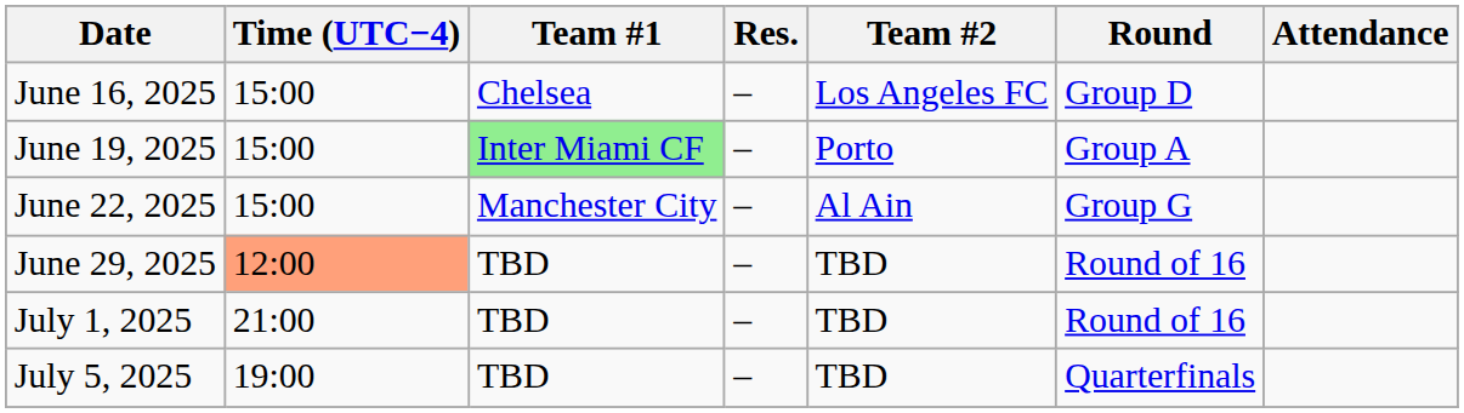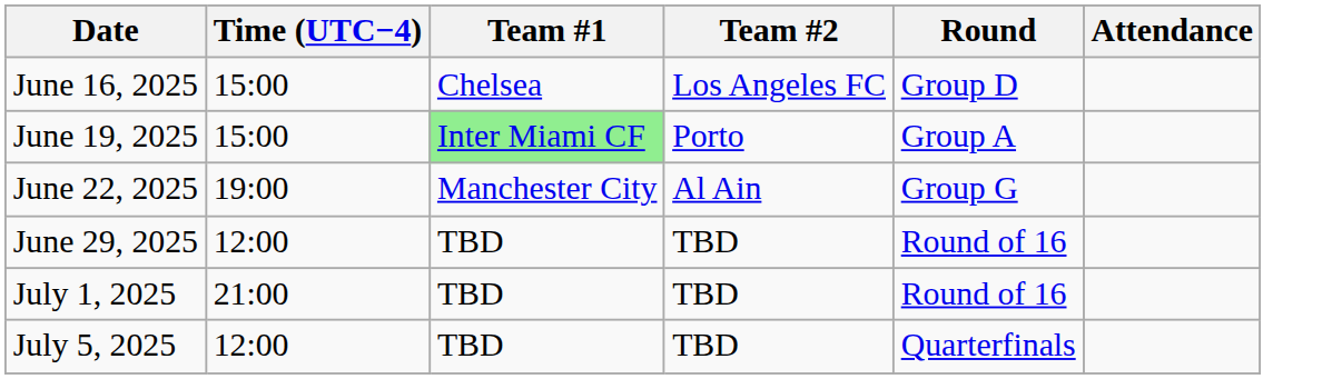 <table class="wikitable sortable">
 <tr>
 <th style="text-align:center">Date</th>
 <th style="text-align:center">Time (<a href='#'>UTC−4</a>)</th>
 <th style="text-align:center">Team #1</th>
-<th style="text-align:center">Res.</th>
 <th style="text-align:center">Team #2</th>
 <th style="text-align:center">Round</th>
 <th>Attendance</th>
 </tr>
 <tr>
 <td>June 16, 2025</td>
 <td>15:00</td>
 <td><a href='#'>Chelsea</a> </td>
-<td>–</td>
 <td> <a href='#'>Los Angeles FC</a></td>
 <td><a href='#'>Group D</a></td>
 <td></td>
 </tr>
 <tr>
 <td>June 19, 2025</td>
 <td>15:00</td>
 <td style="background: lightgreen;"><a href='#'>Inter Miami CF</a> </td>
-<td>–</td>
 <td> <a href='#'>Porto</a></td>
 <td><a href='#'>Group A</a></td>
 <td></td>
 </tr>
 <tr>
 <td>June 22, 2025</td>
-<td>15:00</td>
+<td>19:00</td>
 <td><a href='#'>Manchester City</a> </td>
-<td>–</td>
 <td> <a href='#'>Al Ain</a></td>
 <td><a href='#'>Group G</a></td>
 <td></td>
 </tr>
 <tr>
 <td>June 29, 2025</td>
-<td style="background: lightsalmon;">12:00</td>
+<td>12:00</td>
 <td>TBD</td>
-<td>–</td>
 <td>TBD</td>
 <td><a href='#'>Round of 16</a></td>
 <td></td>
 </tr>
 <tr>
 <td>July 1, 2025</td>
 <td>21:00</td>
 <td>TBD</td>
-<td>–</td>
 <td>TBD</td>
 <td><a href='#'>Round of 16</a></td>
 <td></td>
 </tr>
 <tr>
 <td>July 5, 2025</td>
-<td>19:00</td>
+<td>12:00</td>
 <td>TBD</td>
-<td>–</td>
 <td>TBD</td>
 <td><a href='#'>Quarterfinals</a></td>
 <td></td>
 </tr>
 </table>
